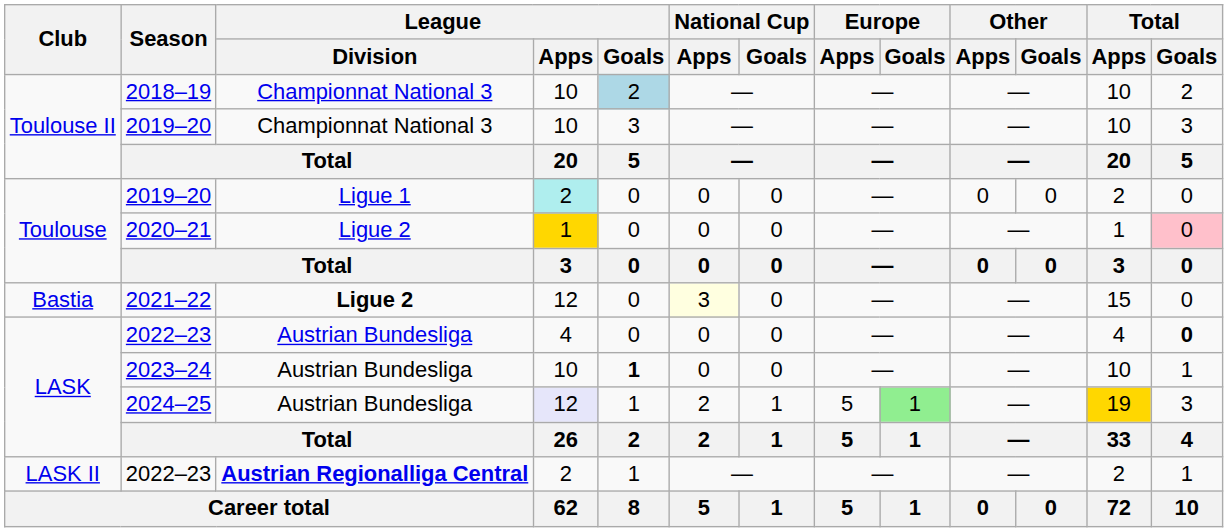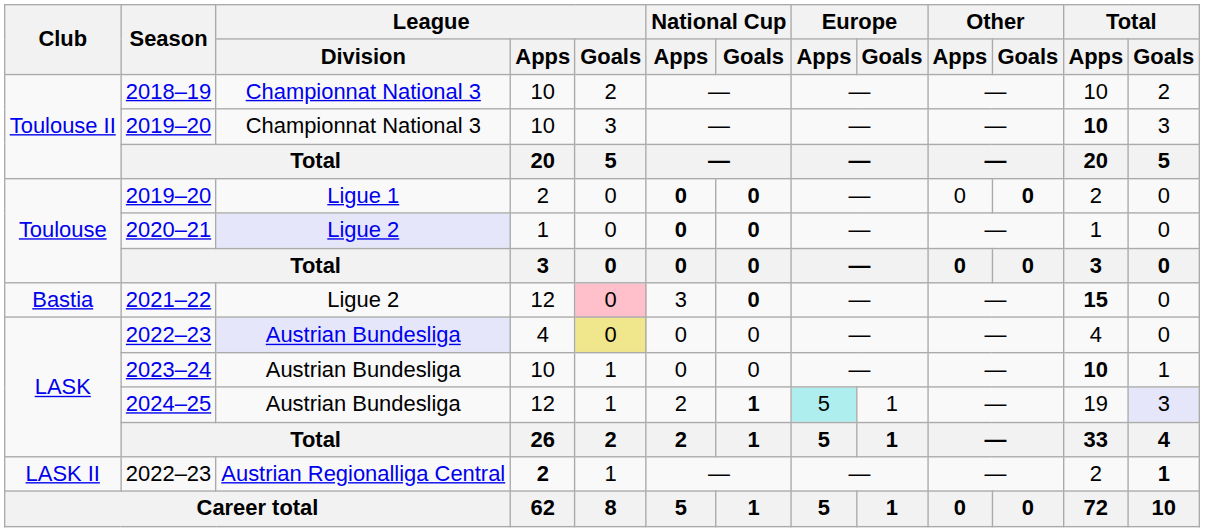 <table class="wikitable" style="text-align:center">
 <tr>
 <th rowspan="2">Club</th>
 <th rowspan="2">Season</th>
 <th colspan="3">League</th>
 <th colspan="2">National Cup</th>
 <th colspan="2">Europe</th>
 <th colspan="2">Other</th>
 <th colspan="2">Total</th>
 </tr>
 <tr>
 <th>Division</th>
 <th>Apps</th>
 <th>Goals</th>
 <th>Apps</th>
 <th>Goals</th>
 <th>Apps</th>
 <th>Goals</th>
 <th>Apps</th>
 <th>Goals</th>
 <th>Apps</th>
 <th>Goals</th>
 </tr>
 <tr>
 <td rowspan="3"><a href='#'>Toulouse II</a></td>
 <td><a href='#'>2018–19</a></td>
 <td><a href='#'>Championnat National 3</a></td>
 <td>10</td>
-<td style="background: lightblue;">2</td>
+<td>2</td>
 <td colspan="2">—</td>
 <td colspan="2">—</td>
 <td colspan="2">—</td>
 <td>10</td>
 <td>2</td>
 </tr>
 <tr>
 <td><a href='#'>2019–20</a></td>
 <td>Championnat National 3</td>
 <td>10</td>
 <td>3</td>
 <td colspan="2">—</td>
 <td colspan="2">—</td>
 <td colspan="2">—</td>
-<td>10</td>
+<td><strong>10</strong></td>
 <td>3</td>
 </tr>
 <tr>
 <th colspan="2">Total</th>
 <th>20</th>
 <th>5</th>
 <th colspan="2">—</th>
 <th colspan="2">—</th>
 <th colspan="2">—</th>
 <th>20</th>
 <th>5</th>
 </tr>
 <tr>
 <td rowspan="3"><a href='#'>Toulouse</a></td>
 <td><a href='#'>2019–20</a></td>
 <td><a href='#'>Ligue 1</a></td>
-<td style="background: paleturquoise;">2</td>
+<td>2</td>
 <td>0</td>
-<td>0</td>
-<td>0</td>
+<td><strong>0</strong></td>
+<td><strong>0</strong></td>
 <td colspan="2">—</td>
 <td>0</td>
-<td>0</td>
+<td><strong>0</strong></td>
 <td>2</td>
 <td>0</td>
 </tr>
 <tr>
 <td><a href='#'>2020–21</a></td>
-<td><a href='#'>Ligue 2</a></td>
-<td style="background: gold;">1</td>
+<td style="background: lavender;"><a href='#'>Ligue 2</a></td>
+<td>1</td>
 <td>0</td>
-<td>0</td>
-<td>0</td>
+<td><strong>0</strong></td>
+<td><strong>0</strong></td>
 <td colspan="2">—</td>
 <td colspan="2">—</td>
 <td>1</td>
-<td style="background: pink;">0</td>
+<td>0</td>
 </tr>
 <tr>
 <th colspan="2">Total</th>
 <th>3</th>
 <th>0</th>
 <th>0</th>
 <th>0</th>
 <th colspan="2">—</th>
 <th>0</th>
 <th>0</th>
 <th>3</th>
 <th>0</th>
 </tr>
 <tr>
 <td><a href='#'>Bastia</a></td>
 <td><a href='#'>2021–22</a></td>
-<td><strong>Ligue 2</strong></td>
+<td>Ligue 2</td>
 <td>12</td>
-<td>0</td>
-<td style="background: lightyellow;">3</td>
-<td>0</td>
+<td style="background: pink;">0</td>
+<td>3</td>
+<td><strong>0</strong></td>
 <td colspan="2">—</td>
 <td colspan="2">—</td>
-<td>15</td>
+<td><strong>15</strong></td>
 <td>0</td>
 </tr>
 <tr>
 <td rowspan="4"><a href='#'>LASK</a></td>
 <td><a href='#'>2022–23</a></td>
-<td><a href='#'>Austrian Bundesliga</a></td>
+<td style="background: lavender;"><a href='#'>Austrian Bundesliga</a></td>
 <td>4</td>
-<td>0</td>
+<td style="background: khaki;">0</td>
 <td>0</td>
 <td>0</td>
 <td colspan="2">—</td>
 <td colspan="2">—</td>
 <td>4</td>
-<td><strong>0</strong></td>
+<td>0</td>
 </tr>
 <tr>
 <td><a href='#'>2023–24</a></td>
 <td>Austrian Bundesliga</td>
 <td>10</td>
-<td><strong>1</strong></td>
+<td>1</td>
 <td>0</td>
 <td>0</td>
 <td colspan="2">—</td>
 <td colspan="2">—</td>
-<td>10</td>
+<td><strong>10</strong></td>
 <td>1</td>
 </tr>
 <tr>
 <td><a href='#'>2024–25</a></td>
 <td>Austrian Bundesliga</td>
-<td style="background: lavender;">12</td>
+<td>12</td>
 <td>1</td>
 <td>2</td>
+<td><strong>1</strong></td>
+<td style="background: paleturquoise;">5</td>
 <td>1</td>
-<td>5</td>
-<td style="background: lightgreen;">1</td>
 <td colspan="2">—</td>
-<td style="background: gold;">19</td>
-<td>3</td>
+<td>19</td>
+<td style="background: lavender;">3</td>
 </tr>
 <tr>
 <th colspan="2">Total</th>
 <th>26</th>
 <th>2</th>
 <th>2</th>
 <th>1</th>
 <th>5</th>
 <th>1</th>
 <th colspan="2">—</th>
 <th>33</th>
 <th>4</th>
 </tr>
 <tr>
 <td><a href='#'>LASK II</a></td>
 <td>2022–23</td>
-<td><strong><a href='#'>Austrian Regionalliga Central</a></strong></td>
-<td>2</td>
+<td><a href='#'>Austrian Regionalliga Central</a></td>
+<td><strong>2</strong></td>
 <td>1</td>
 <td colspan="2">—</td>
 <td colspan="2">—</td>
 <td colspan="2">—</td>
 <td>2</td>
-<td>1</td>
+<td><strong>1</strong></td>
 </tr>
 <tr>
 <th colspan="3">Career total</th>
 <th>62</th>
 <th>8</th>
 <th>5</th>
 <th>1</th>
 <th>5</th>
 <th>1</th>
 <th>0</th>
 <th>0</th>
 <th>72</th>
 <th>10</th>
 </tr>
 </table>
